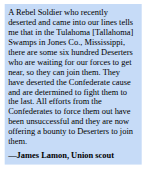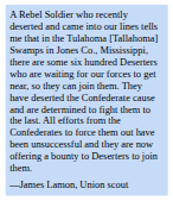 <table class="toccolours" style="float: left; margin-left: 1em; margin-right: 2em; font-size: 85%; background:#c6dbf7; color:black; width:25em; max-width: 25%;" cellspacing="5">
 <tr>
 <td>A Rebel Soldier who recently deserted and came into our lines tells me that in the Tulahoma [Tallahoma] Swamps in Jones Co., Mississippi, there are some six hundred Deserters who are waiting for our forces to get near, so they can join them. They have deserted the Confederate cause and are determined to fight them to the last. All efforts from the Confederates to force them out have been unsuccessful and they are now offering a bounty to Deserters to join them.</td>
 </tr>
 <tr>
-<td style="text-align: left;"><strong>—James Lamon, Union scout</strong></td>
+<td style="text-align: left;">—James Lamon, Union scout</td>
 </tr>
 </table>
